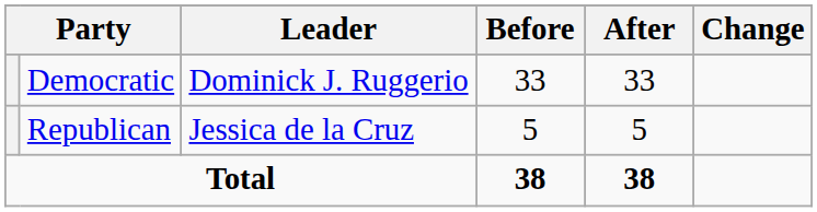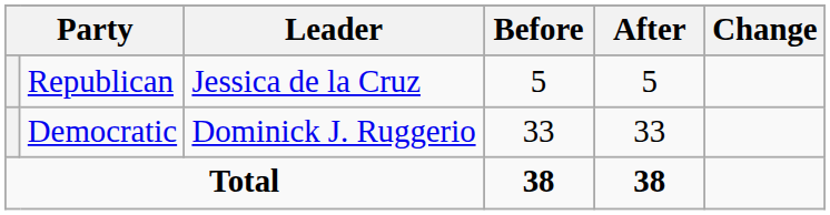 <table class="wikitable" style="text-align:center;">
 <tr>
 </tr>
 <tr>
 <th colspan=2>Party</th>
 <th>Leader</th>
 <th style="width:3em">Before</th>
 <th style="width:3em">After</th>
 <th style="width:3em">Change</th>
 </tr>
 <tr>
 <th style="background-color:"></th>
+<td style="text-align:left;"><a href='#'>Republican</a></td>
+<td style="text-align:left;"><a href='#'>Jessica de la Cruz</a></td>
+<td>5</td>
+<td>5</td>
+<td></td>
+</tr>
+<tr>
+<th style="background-color:"></th>
 <td style="text-align:left;"><a href='#'>Democratic</a></td>
 <td style="text-align:left;"><a href='#'>Dominick J. Ruggerio</a></td>
 <td>33</td>
 <td>33</td>
-<td></td>
-</tr>
-<tr>
-<th style="background-color:"></th>
-<td style="text-align:left;"><a href='#'>Republican</a></td>
-<td style="text-align:left;"><a href='#'>Jessica de la Cruz</a></td>
-<td>5</td>
-<td>5</td>
 <td></td>
 </tr>
 <tr>
 <td colspan=3><strong>Total</strong></td>
 <td><strong>38</strong></td>
 <td><strong>38</strong></td>
 <td></td>
 </tr>
 </table>
